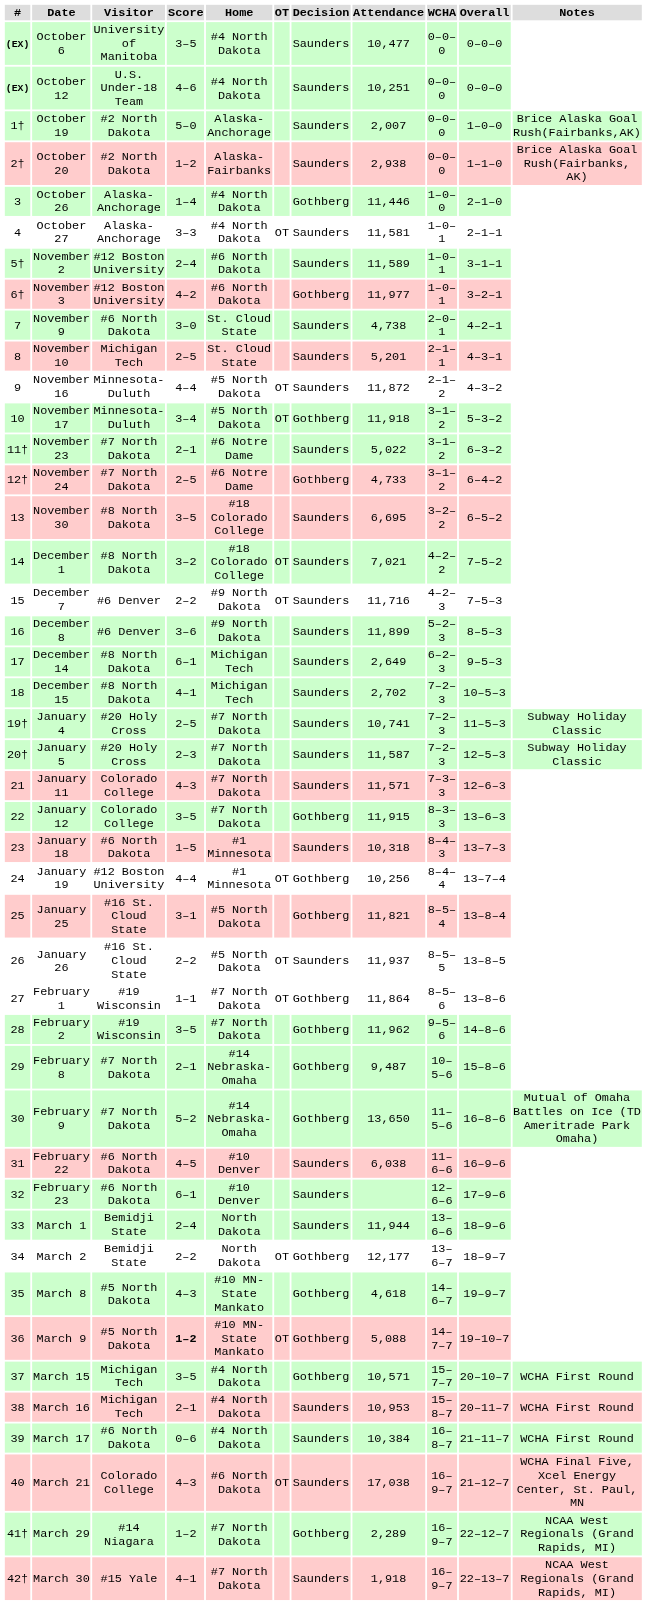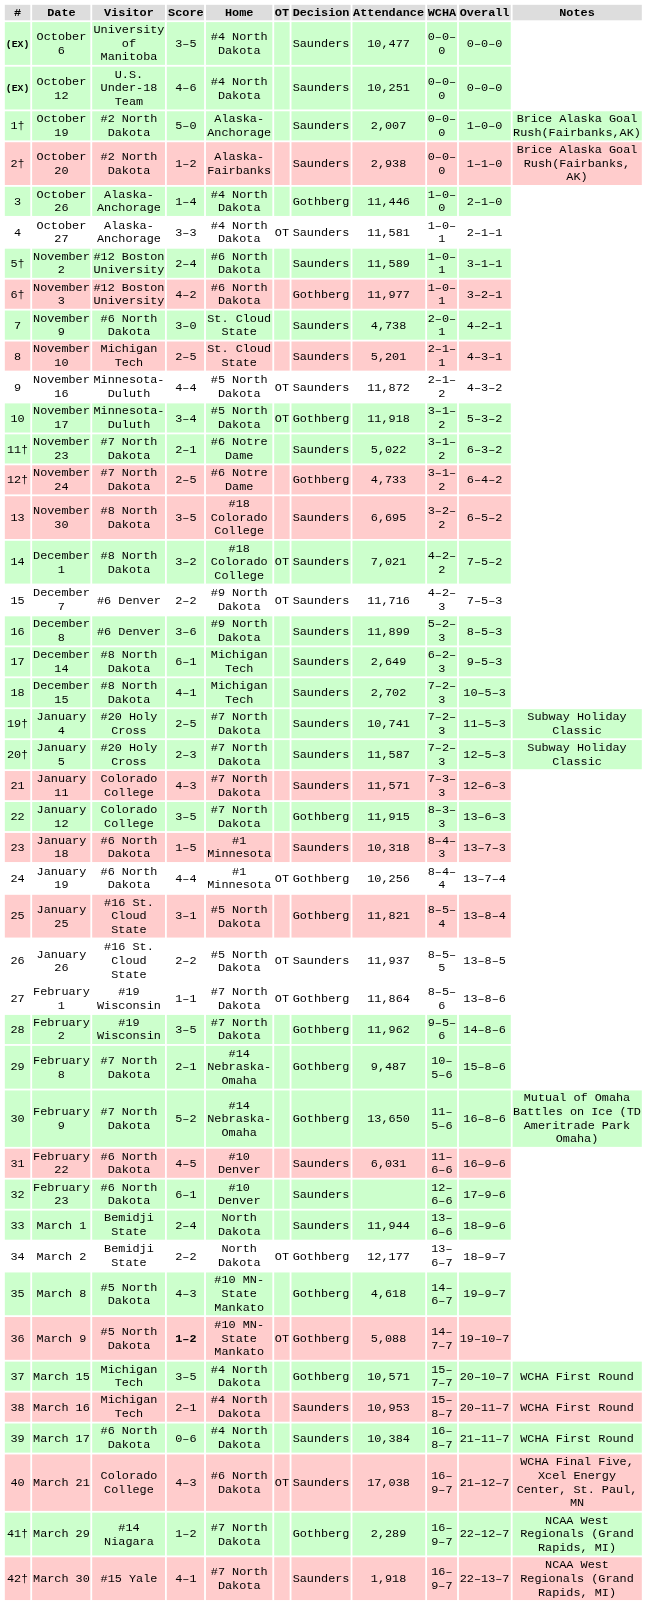 <table>
 <tr align="center"  bgcolor="#dddddd">
 <th>#</th>
 <th>Date</th>
 <th>Visitor</th>
 <th>Score</th>
 <th>Home</th>
 <th>OT</th>
 <th>Decision</th>
 <th>Attendance</th>
 <th>WCHA</th>
 <th>Overall</th>
 <th>Notes</th>
 </tr>
 <tr align="center" bgcolor="#ccffcc">
 <td><strong><small>(EX)</small></strong></td>
 <td>October 6</td>
 <td>University of Manitoba</td>
 <td>3–5</td>
 <td>#4 North Dakota</td>
 <td></td>
 <td>Saunders</td>
 <td>10,477</td>
 <td>0–0–0</td>
 <td>0–0–0</td>
 </tr>
 <tr align="center" bgcolor="#ccffcc">
 <td><strong><small>(EX)</small></strong></td>
 <td>October 12</td>
 <td>U.S. Under-18 Team</td>
 <td>4–6</td>
 <td>#4 North Dakota</td>
 <td></td>
 <td>Saunders</td>
 <td>10,251</td>
 <td>0–0–0</td>
 <td>0–0–0</td>
 </tr>
 <tr align="center" bgcolor="#ccffcc">
 <td>1†</td>
 <td>October 19</td>
 <td>#2 North Dakota</td>
 <td>5–0</td>
 <td>Alaska-Anchorage</td>
 <td></td>
 <td>Saunders</td>
 <td>2,007</td>
 <td>0–0–0</td>
 <td>1–0–0</td>
 <td>Brice Alaska Goal Rush(Fairbanks,AK)</td>
 </tr>
 <tr align="center" bgcolor="#ffcccc">
 <td>2†</td>
 <td>October 20</td>
 <td>#2 North Dakota</td>
 <td>1–2</td>
 <td>Alaska-Fairbanks</td>
 <td></td>
 <td>Saunders</td>
 <td>2,938</td>
 <td>0–0–0</td>
 <td>1–1–0</td>
 <td>Brice Alaska Goal Rush(Fairbanks, AK)</td>
 </tr>
 <tr align="center" bgcolor="ccffcc">
 <td>3</td>
 <td>October 26</td>
 <td>Alaska-Anchorage</td>
 <td>1–4</td>
 <td>#4 North Dakota</td>
 <td></td>
 <td>Gothberg</td>
 <td>11,446</td>
 <td>1–0–0</td>
 <td>2–1–0</td>
 </tr>
 <tr align="center" bgcolor="white">
 <td>4</td>
 <td>October 27</td>
 <td>Alaska-Anchorage</td>
 <td>3–3</td>
 <td>#4 North Dakota</td>
 <td>OT</td>
 <td>Saunders</td>
 <td>11,581</td>
 <td>1–0–1</td>
 <td>2–1–1</td>
 </tr>
 <tr align="center" bgcolor="#ccffcc">
 <td>5†</td>
 <td>November 2</td>
 <td>#12 Boston University</td>
 <td>2–4</td>
 <td>#6 North Dakota</td>
 <td></td>
 <td>Saunders</td>
 <td>11,589</td>
 <td>1–0–1</td>
 <td>3–1–1</td>
 </tr>
 <tr align="center" bgcolor="#ffcccc">
 <td>6†</td>
 <td>November 3</td>
 <td>#12 Boston University</td>
 <td>4–2</td>
 <td>#6 North Dakota</td>
 <td></td>
 <td>Gothberg</td>
 <td>11,977</td>
 <td>1–0–1</td>
 <td>3–2–1</td>
 </tr>
 <tr align="center" bgcolor="#ccffcc">
 <td>7</td>
 <td>November 9</td>
 <td>#6 North Dakota</td>
 <td>3–0</td>
 <td>St. Cloud State</td>
 <td></td>
 <td>Saunders</td>
 <td>4,738</td>
 <td>2–0–1</td>
 <td>4–2–1</td>
 </tr>
 <tr align="center" bgcolor="#ffcccc">
 <td>8</td>
 <td>November 10</td>
 <td>Michigan Tech</td>
 <td>2–5</td>
 <td>St. Cloud State</td>
 <td></td>
 <td>Saunders</td>
 <td>5,201</td>
 <td>2–1–1</td>
 <td>4–3–1</td>
 </tr>
 <tr align="center" bgcolor="white">
 <td>9</td>
 <td>November 16</td>
 <td>Minnesota-Duluth</td>
 <td>4–4</td>
 <td>#5 North Dakota</td>
 <td>OT</td>
 <td>Saunders</td>
 <td>11,872</td>
 <td>2–1–2</td>
 <td>4–3–2</td>
 </tr>
 <tr align="center" bgcolor="#ccffcc">
 <td>10</td>
 <td>November 17</td>
 <td>Minnesota-Duluth</td>
 <td>3–4</td>
 <td>#5 North Dakota</td>
 <td>OT</td>
 <td>Gothberg</td>
 <td>11,918</td>
 <td>3–1–2</td>
 <td>5–3–2</td>
 </tr>
 <tr align="center" bgcolor="#ccffcc">
 <td>11†</td>
 <td>November 23</td>
 <td>#7 North Dakota</td>
 <td>2–1</td>
 <td>#6 Notre Dame</td>
 <td></td>
 <td>Saunders</td>
 <td>5,022</td>
 <td>3–1–2</td>
 <td>6–3–2</td>
 </tr>
 <tr align="center" bgcolor="#ffcccc">
 <td>12†</td>
 <td>November 24</td>
 <td>#7 North Dakota</td>
 <td>2–5</td>
 <td>#6 Notre Dame</td>
 <td></td>
 <td>Gothberg</td>
 <td>4,733</td>
 <td>3–1–2</td>
 <td>6–4–2</td>
 </tr>
 <tr align="center" bgcolor="#ffcccc">
 <td>13</td>
 <td>November 30</td>
 <td>#8 North Dakota</td>
 <td>3–5</td>
 <td>#18 Colorado College</td>
 <td></td>
 <td>Saunders</td>
 <td>6,695</td>
 <td>3–2–2</td>
 <td>6–5–2</td>
 </tr>
 <tr align="center" bgcolor="#ccffcc">
 <td>14</td>
 <td>December 1</td>
 <td>#8 North Dakota</td>
 <td>3–2</td>
 <td>#18 Colorado College</td>
 <td>OT</td>
 <td>Saunders</td>
 <td>7,021</td>
 <td>4–2–2</td>
 <td>7–5–2</td>
 </tr>
 <tr align="center" bgcolor="white">
 <td>15</td>
 <td>December 7</td>
 <td>#6 Denver</td>
 <td>2–2</td>
 <td>#9 North Dakota</td>
 <td>OT</td>
 <td>Saunders</td>
 <td>11,716</td>
 <td>4–2–3</td>
 <td>7–5–3</td>
 </tr>
 <tr align="center" bgcolor="#ccffcc">
 <td>16</td>
 <td>December 8</td>
 <td>#6 Denver</td>
 <td>3–6</td>
 <td>#9 North Dakota</td>
 <td></td>
 <td>Saunders</td>
 <td>11,899</td>
 <td>5–2–3</td>
 <td>8–5–3</td>
 </tr>
 <tr align="center" bgcolor="#ccffcc">
 <td>17</td>
 <td>December 14</td>
 <td>#8 North Dakota</td>
 <td>6–1</td>
 <td>Michigan Tech</td>
 <td></td>
 <td>Saunders</td>
 <td>2,649</td>
 <td>6–2–3</td>
 <td>9–5–3</td>
 </tr>
 <tr align="center" bgcolor="#ccffcc">
 <td>18</td>
 <td>December 15</td>
 <td>#8 North Dakota</td>
 <td>4–1</td>
 <td>Michigan Tech</td>
 <td></td>
 <td>Saunders</td>
 <td>2,702</td>
 <td>7–2–3</td>
 <td>10–5–3</td>
 </tr>
 <tr align="center" bgcolor="ccffcc">
 <td>19†</td>
 <td>January 4</td>
 <td>#20 Holy Cross</td>
 <td>2–5</td>
 <td>#7 North Dakota</td>
 <td></td>
 <td>Saunders</td>
 <td>10,741</td>
 <td>7–2–3</td>
 <td>11–5–3</td>
 <td>Subway Holiday Classic</td>
 </tr>
 <tr align="center" bgcolor="#ccffcc">
 <td>20†</td>
 <td>January 5</td>
 <td>#20 Holy Cross</td>
 <td>2–3</td>
 <td>#7 North Dakota</td>
 <td></td>
 <td>Saunders</td>
 <td>11,587</td>
 <td>7–2–3</td>
 <td>12–5–3</td>
 <td>Subway Holiday Classic</td>
 </tr>
 <tr align="center" bgcolor="#ffcccc">
 <td>21</td>
 <td>January 11</td>
 <td>Colorado College</td>
 <td>4–3</td>
 <td>#7 North Dakota</td>
 <td></td>
 <td>Saunders</td>
 <td>11,571</td>
 <td>7–3–3</td>
 <td>12–6–3</td>
 </tr>
 <tr align="center" bgcolor="#ccffcc">
 <td>22</td>
 <td>January 12</td>
 <td>Colorado College</td>
 <td>3–5</td>
 <td>#7 North Dakota</td>
 <td></td>
 <td>Gothberg</td>
 <td>11,915</td>
 <td>8–3–3</td>
 <td>13–6–3</td>
 </tr>
 <tr align="center" bgcolor="#ffcccc">
 <td>23</td>
 <td>January 18</td>
 <td>#6 North Dakota</td>
 <td>1–5</td>
 <td>#1 Minnesota</td>
 <td></td>
 <td>Saunders</td>
 <td>10,318</td>
 <td>8–4–3</td>
 <td>13–7–3</td>
 </tr>
 <tr align="center" bgcolor="white">
 <td>24</td>
 <td>January 19</td>
-<td>#12 Boston University</td>
+<td>#6 North Dakota</td>
 <td>4–4</td>
 <td>#1 Minnesota</td>
 <td>OT</td>
 <td>Gothberg</td>
 <td>10,256</td>
 <td>8–4–4</td>
 <td>13–7–4</td>
 </tr>
 <tr align="center" bgcolor="#ffcccc">
 <td>25</td>
 <td>January 25</td>
 <td>#16 St. Cloud State</td>
 <td>3–1</td>
 <td>#5 North Dakota</td>
 <td></td>
 <td>Gothberg</td>
 <td>11,821</td>
 <td>8–5–4</td>
 <td>13–8–4</td>
 </tr>
 <tr align="center" bgcolor="white">
 <td>26</td>
 <td>January 26</td>
 <td>#16 St. Cloud State</td>
 <td>2–2</td>
 <td>#5 North Dakota</td>
 <td>OT</td>
 <td>Saunders</td>
 <td>11,937</td>
 <td>8–5–5</td>
 <td>13–8–5</td>
 </tr>
 <tr align="center" bgcolor="white">
 <td>27</td>
 <td>February 1</td>
 <td>#19 Wisconsin</td>
 <td>1–1</td>
 <td>#7 North Dakota</td>
 <td>OT</td>
 <td>Gothberg</td>
 <td>11,864</td>
 <td>8–5–6</td>
 <td>13–8–6</td>
 </tr>
 <tr align="center" bgcolor="#ccffcc">
 <td>28</td>
 <td>February 2</td>
 <td>#19 Wisconsin</td>
 <td>3–5</td>
 <td>#7 North Dakota</td>
 <td></td>
 <td>Gothberg</td>
 <td>11,962</td>
 <td>9–5–6</td>
 <td>14–8–6</td>
 </tr>
 <tr align="center" bgcolor="#ccffcc">
 <td>29</td>
 <td>February 8</td>
 <td>#7 North Dakota</td>
 <td>2–1</td>
 <td>#14 Nebraska-Omaha</td>
 <td></td>
 <td>Gothberg</td>
 <td>9,487</td>
 <td>10–5–6</td>
 <td>15–8–6</td>
 </tr>
 <tr align="center" bgcolor="#ccffcc">
 <td>30</td>
 <td>February 9</td>
 <td>#7 North Dakota</td>
 <td>5–2</td>
 <td>#14 Nebraska-Omaha</td>
 <td></td>
 <td>Gothberg</td>
 <td>13,650</td>
 <td>11–5–6</td>
 <td>16–8–6</td>
 <td>Mutual of Omaha Battles on Ice (TD Ameritrade Park Omaha)</td>
 </tr>
 <tr align="center" bgcolor="#ffcccc">
 <td>31</td>
 <td>February 22</td>
 <td>#6 North Dakota</td>
 <td>4–5</td>
 <td>#10 Denver</td>
 <td></td>
 <td>Saunders</td>
-<td>6,038</td>
+<td>6,031</td>
 <td>11–6–6</td>
 <td>16–9–6</td>
 </tr>
 <tr align="center" bgcolor="#ccffcc">
 <td>32</td>
 <td>February 23</td>
 <td>#6 North Dakota</td>
 <td>6–1</td>
 <td>#10 Denver</td>
 <td></td>
 <td>Saunders</td>
 <td></td>
 <td>12–6–6</td>
 <td>17–9–6</td>
 </tr>
 <tr align="center" bgcolor="#ccffcc">
 <td>33</td>
 <td>March 1</td>
 <td>Bemidji State</td>
 <td>2–4</td>
 <td>North Dakota</td>
 <td></td>
 <td>Saunders</td>
 <td>11,944</td>
 <td>13–6–6</td>
 <td>18–9–6</td>
 </tr>
 <tr align="center" bgcolor="white">
 <td>34</td>
 <td>March 2</td>
 <td>Bemidji State</td>
 <td>2–2</td>
 <td>North Dakota</td>
 <td>OT</td>
 <td>Gothberg</td>
 <td>12,177</td>
 <td>13–6–7</td>
 <td>18–9–7</td>
 </tr>
 <tr align="center" bgcolor="#ccffcc">
 <td>35</td>
 <td>March 8</td>
 <td>#5 North Dakota</td>
 <td>4–3</td>
 <td>#10 MN-State Mankato</td>
 <td></td>
 <td>Gothberg</td>
 <td>4,618</td>
 <td>14–6–7</td>
 <td>19–9–7</td>
 </tr>
 <tr align="center" bgcolor="#ffcccc">
 <td>36</td>
 <td>March 9</td>
 <td>#5 North Dakota</td>
 <td><strong>1–2</strong></td>
 <td>#10 MN-State Mankato</td>
 <td>OT</td>
 <td>Gothberg</td>
 <td>5,088</td>
 <td>14–7–7</td>
 <td>19–10–7</td>
 </tr>
 <tr align="center" bgcolor="#ccffcc">
 <td>37</td>
 <td>March 15</td>
 <td>Michigan Tech</td>
 <td>3–5</td>
 <td>#4 North Dakota</td>
 <td></td>
 <td>Gothberg</td>
 <td>10,571</td>
 <td>15–7–7</td>
 <td>20–10–7</td>
 <td>WCHA First Round</td>
 </tr>
 <tr align="center" bgcolor="#ffcccc">
 <td>38</td>
 <td>March 16</td>
 <td>Michigan Tech</td>
 <td>2–1</td>
 <td>#4 North Dakota</td>
 <td></td>
 <td>Saunders</td>
 <td>10,953</td>
 <td>15–8–7</td>
 <td>20–11–7</td>
 <td>WCHA First Round</td>
 </tr>
 <tr align="center" bgcolor="#ccffcc">
 <td>39</td>
 <td>March 17</td>
 <td>#6 North Dakota</td>
 <td>0–6</td>
 <td>#4 North Dakota</td>
 <td></td>
 <td>Saunders</td>
 <td>10,384</td>
 <td>16–8–7</td>
 <td>21–11–7</td>
 <td>WCHA First Round</td>
 </tr>
 <tr align="center" bgcolor="#ffcccc">
 <td>40</td>
 <td>March 21</td>
 <td>Colorado College</td>
 <td>4–3</td>
 <td>#6 North Dakota</td>
 <td>OT</td>
 <td>Saunders</td>
 <td>17,038</td>
 <td>16–9–7</td>
 <td>21–12–7</td>
 <td>WCHA Final Five, Xcel Energy Center, St. Paul, MN</td>
 </tr>
 <tr align="center" bgcolor="#ccffcc">
 <td>41†</td>
 <td>March 29</td>
 <td>#14 Niagara</td>
 <td>1–2</td>
 <td>#7 North Dakota</td>
 <td></td>
 <td>Gothberg</td>
 <td>2,289</td>
 <td>16–9–7</td>
 <td>22–12–7</td>
 <td>NCAA West Regionals (Grand Rapids, MI)</td>
 </tr>
 <tr align="center" bgcolor="#ffcccc">
 <td>42†</td>
 <td>March 30</td>
 <td>#15 Yale</td>
 <td>4–1</td>
 <td>#7 North Dakota</td>
 <td></td>
 <td>Saunders</td>
 <td>1,918</td>
 <td>16–9–7</td>
 <td>22–13–7</td>
 <td>NCAA West Regionals (Grand Rapids, MI)</td>
 </tr>
 <tr>
 </tr>
 </table>
